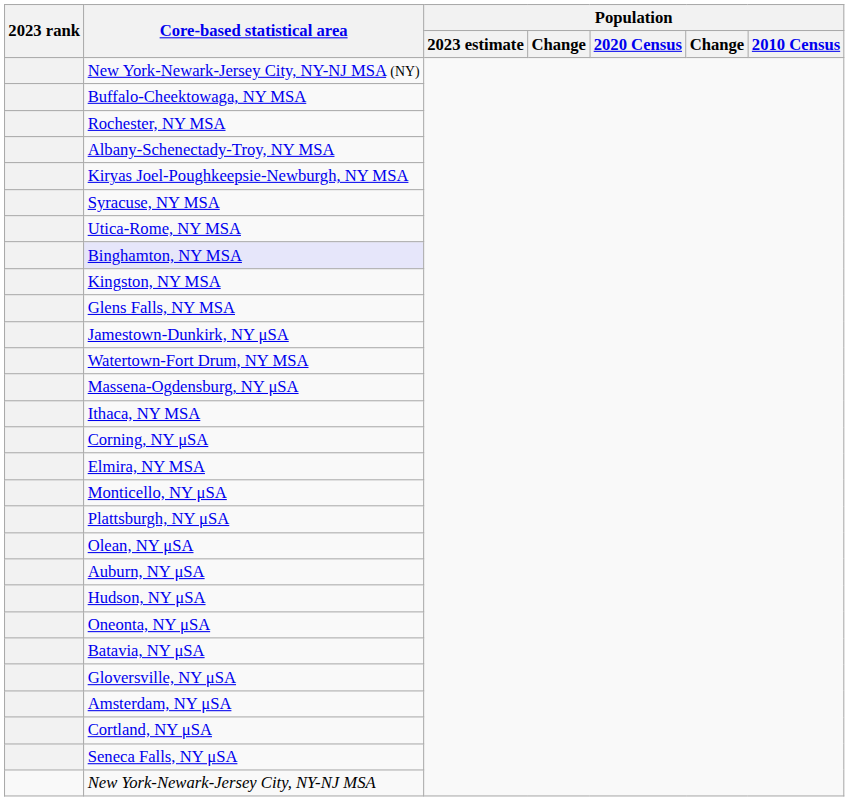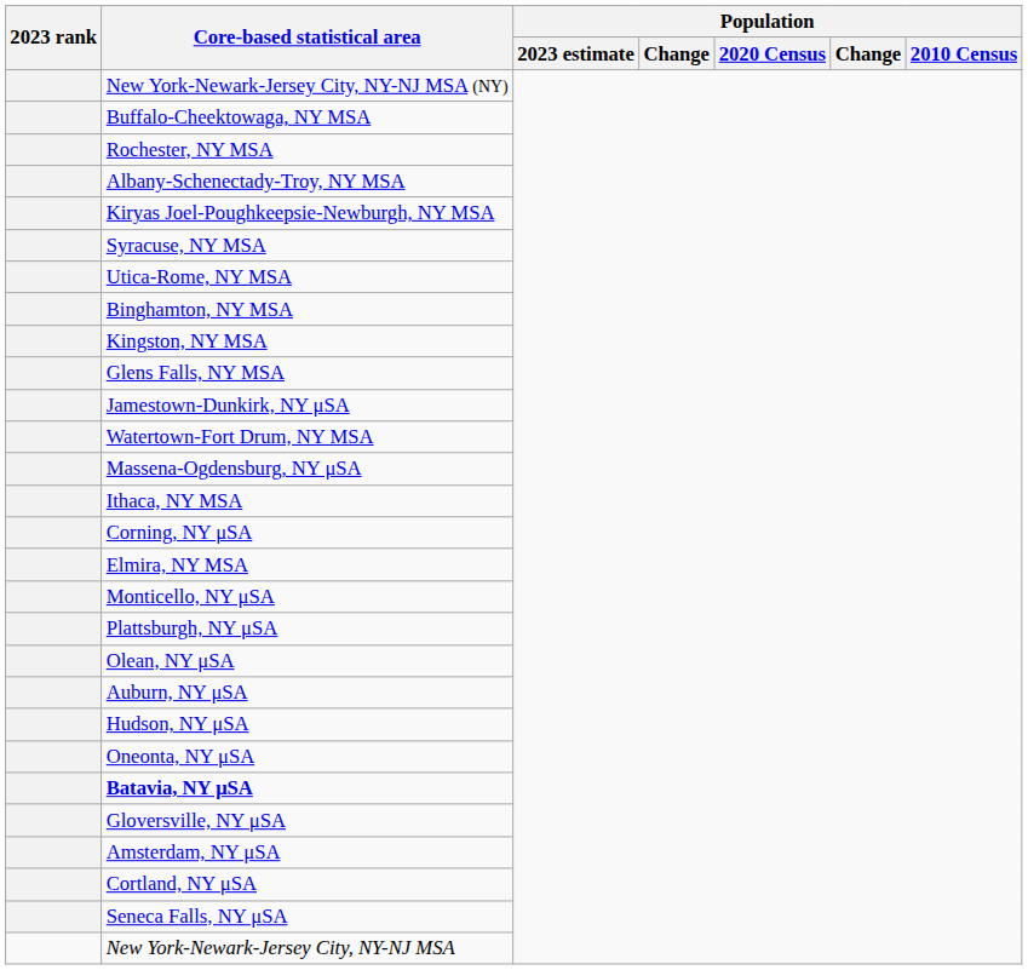 <table class="wikitable sortable">
 <tr>
 <th scope=col rowspan=2>2023 rank</th>
 <th scope=col rowspan=2><a href='#'>Core-based statistical area</a></th>
 <th colspan=5>Population</th>
 </tr>
 <tr>
 <th scope=col>2023 estimate</th>
 <th scope=col>Change</th>
 <th scope=col><a href='#'>2020 Census</a></th>
 <th scope=col>Change</th>
 <th scope=col><a href='#'>2010 Census</a></th>
 </tr>
 <tr>
 <th scope=row></th>
 <td><a href='#'>New York-Newark-Jersey City, NY-NJ MSA</a> <small>(NY)</small><br></td>
 </tr>
 <tr>
 <th scope=row></th>
 <td><a href='#'>Buffalo-Cheektowaga, NY MSA</a><br></td>
 </tr>
 <tr>
 <th scope=row></th>
 <td><a href='#'>Rochester, NY MSA</a><br></td>
 </tr>
 <tr>
 <th scope=row></th>
 <td><a href='#'>Albany-Schenectady-Troy, NY MSA</a><br></td>
 </tr>
 <tr>
 <th scope=row></th>
 <td><a href='#'>Kiryas Joel-Poughkeepsie-Newburgh, NY MSA</a><br></td>
 </tr>
 <tr>
 <th scope=row></th>
 <td><a href='#'>Syracuse, NY MSA</a><br></td>
 </tr>
 <tr>
 <th scope=row></th>
 <td><a href='#'>Utica-Rome, NY MSA</a><br></td>
 </tr>
 <tr>
 <th scope=row></th>
-<td style="background: lavender;"><a href='#'>Binghamton, NY MSA</a><br></td>
+<td><a href='#'>Binghamton, NY MSA</a><br></td>
 </tr>
 <tr>
 <th scope=row></th>
 <td><a href='#'>Kingston, NY MSA</a><br></td>
 </tr>
 <tr>
 <th scope=row></th>
 <td><a href='#'>Glens Falls, NY MSA</a><br></td>
 </tr>
 <tr>
 <th scope=row></th>
 <td><a href='#'>Jamestown-Dunkirk, NY μSA</a><br></td>
 </tr>
 <tr>
 <th scope=row></th>
 <td><a href='#'>Watertown-Fort Drum, NY MSA</a><br></td>
 </tr>
 <tr>
 <th scope=row></th>
 <td><a href='#'>Massena-Ogdensburg, NY μSA</a><br></td>
 </tr>
 <tr>
 <th scope=row></th>
 <td><a href='#'>Ithaca, NY MSA</a><br></td>
 </tr>
 <tr>
 <th scope=row></th>
 <td><a href='#'>Corning, NY μSA</a><br></td>
 </tr>
 <tr>
 <th scope=row></th>
 <td><a href='#'>Elmira, NY MSA</a><br></td>
 </tr>
 <tr>
 <th scope=row></th>
 <td><a href='#'>Monticello, NY μSA</a><br></td>
 </tr>
 <tr>
 <th scope=row></th>
 <td><a href='#'>Plattsburgh, NY μSA</a><br></td>
 </tr>
 <tr>
 <th scope=row></th>
 <td><a href='#'>Olean, NY μSA</a><br></td>
 </tr>
 <tr>
 <th scope=row></th>
 <td><a href='#'>Auburn, NY μSA</a><br></td>
 </tr>
 <tr>
 <th scope=row></th>
 <td><a href='#'>Hudson, NY μSA</a><br></td>
 </tr>
 <tr>
 <th scope=row></th>
 <td><a href='#'>Oneonta, NY μSA</a><br></td>
 </tr>
 <tr>
 <th scope=row></th>
-<td><a href='#'>Batavia, NY μSA</a><br></td>
+<td><strong><a href='#'>Batavia, NY μSA</a><br></strong></td>
 </tr>
 <tr>
 <th scope=row></th>
 <td><a href='#'>Gloversville, NY μSA</a><br></td>
 </tr>
 <tr>
 <th scope=row></th>
 <td><a href='#'>Amsterdam, NY μSA</a><br></td>
 </tr>
 <tr>
 <th scope=row></th>
 <td><a href='#'>Cortland, NY μSA</a><br></td>
 </tr>
 <tr>
 <th scope=row></th>
 <td><a href='#'>Seneca Falls, NY μSA</a><br></td>
 </tr>
 <tr>
 <td></td>
 <td><span><em>New York-Newark-Jersey City, NY-NJ MSA</em></span><br></td>
 </tr>
 </table>
